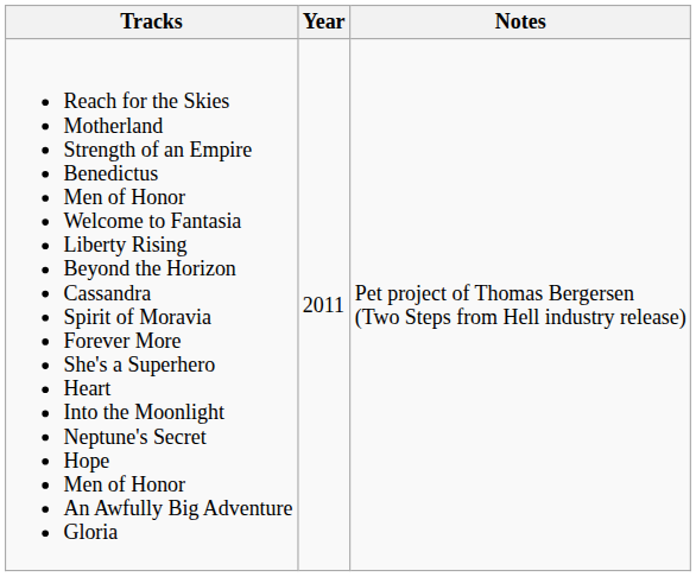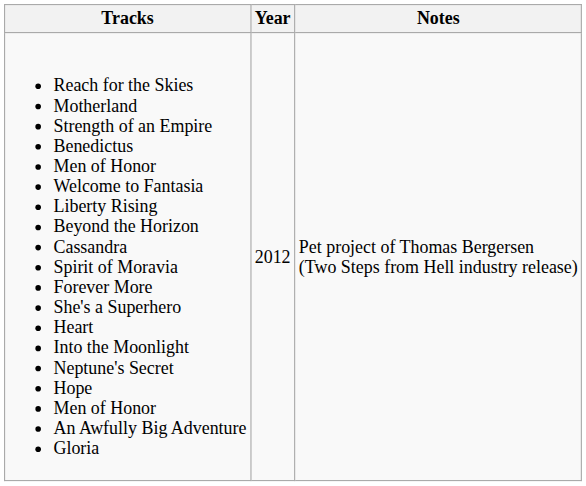 <table class="wikitable sortable">
 <tr>
 <th>Tracks</th>
 <th>Year</th>
 <th>Notes</th>
 </tr>
 <tr>
 <td><br><ul><li>Reach for the Skies</li><li>Motherland</li><li>Strength of an Empire</li><li>Benedictus</li><li>Men of Honor</li><li>Welcome to Fantasia</li><li>Liberty Rising</li><li>Beyond the Horizon</li><li>Cassandra</li><li>Spirit of Moravia</li><li>Forever More</li><li>She's a Superhero</li><li>Heart</li><li>Into the Moonlight</li><li>Neptune's Secret</li><li>Hope</li><li>Men of Honor</li><li>An Awfully Big Adventure</li><li>Gloria</li></ul></td>
-<td>2011</td>
+<td>2012</td>
 <td>Pet project of Thomas Bergersen<br>(Two Steps from Hell industry release)</td>
 </tr>
 </table>
